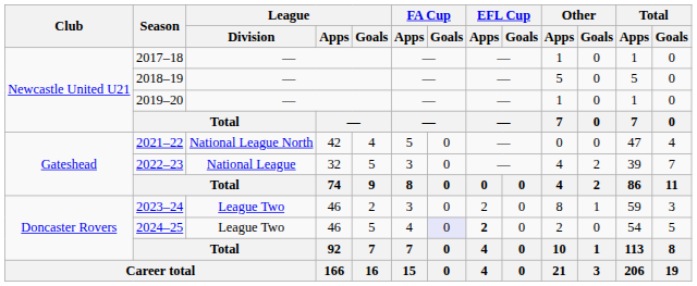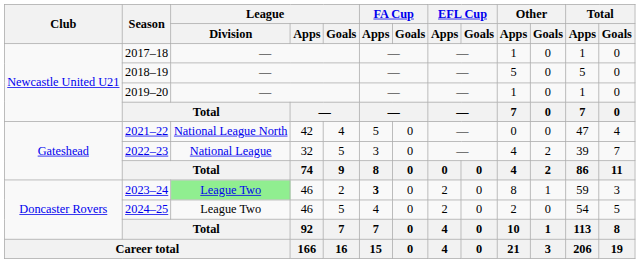 <table class="wikitable" style="text-align: center;">
 <tr>
 <th rowspan="2">Club</th>
 <th rowspan="2">Season</th>
 <th colspan="3">League</th>
 <th colspan="2"><a href='#'>FA Cup</a></th>
 <th colspan="2"><a href='#'>EFL Cup</a></th>
 <th colspan="2">Other</th>
 <th colspan="2">Total</th>
 </tr>
 <tr>
 <th>Division</th>
 <th>Apps</th>
 <th>Goals</th>
 <th>Apps</th>
 <th>Goals</th>
 <th>Apps</th>
 <th>Goals</th>
 <th>Apps</th>
 <th>Goals</th>
 <th>Apps</th>
 <th>Goals</th>
 </tr>
 <tr>
 <td rowspan="4"><a href='#'>Newcastle United U21</a></td>
 <td>2017–18</td>
 <td colspan="3">—</td>
 <td colspan="2">—</td>
 <td colspan="2">—</td>
 <td>1</td>
 <td>0</td>
 <td>1</td>
 <td>0</td>
 </tr>
 <tr>
 <td>2018–19</td>
 <td colspan="3">—</td>
 <td colspan="2">—</td>
 <td colspan="2">—</td>
 <td>5</td>
 <td>0</td>
 <td>5</td>
 <td>0</td>
 </tr>
 <tr>
 <td>2019–20</td>
 <td colspan="3">—</td>
 <td colspan="2">—</td>
 <td colspan="2">—</td>
 <td>1</td>
 <td>0</td>
 <td>1</td>
 <td>0</td>
 </tr>
 <tr>
 <th colspan="2">Total</th>
 <th colspan="2">—</th>
 <th colspan="2">—</th>
 <th colspan="2">—</th>
 <th>7</th>
 <th>0</th>
 <th>7</th>
 <th>0</th>
 </tr>
 <tr>
 <td rowspan="3"><a href='#'>Gateshead</a></td>
 <td><a href='#'>2021–22</a></td>
 <td><a href='#'>National League North</a></td>
 <td>42</td>
 <td>4</td>
 <td>5</td>
 <td>0</td>
 <td colspan="2">—</td>
 <td>0</td>
 <td>0</td>
 <td>47</td>
 <td>4</td>
 </tr>
 <tr>
 <td><a href='#'>2022–23</a></td>
 <td><a href='#'>National League</a></td>
 <td>32</td>
 <td>5</td>
 <td>3</td>
 <td>0</td>
 <td colspan="2">—</td>
 <td>4</td>
 <td>2</td>
 <td>39</td>
 <td>7</td>
 </tr>
 <tr>
 <th colspan="2">Total</th>
 <th>74</th>
 <th>9</th>
 <th>8</th>
 <th>0</th>
 <th>0</th>
 <th>0</th>
 <th>4</th>
 <th>2</th>
 <th>86</th>
 <th>11</th>
 </tr>
 <tr>
 <td rowspan="3"><a href='#'>Doncaster Rovers</a></td>
 <td><a href='#'>2023–24</a></td>
-<td><a href='#'>League Two</a></td>
+<td style="background: lightgreen;"><a href='#'>League Two</a></td>
 <td>46</td>
 <td>2</td>
-<td>3</td>
+<td><strong>3</strong></td>
 <td>0</td>
 <td>2</td>
 <td>0</td>
 <td>8</td>
 <td>1</td>
 <td>59</td>
 <td>3</td>
 </tr>
 <tr>
 <td><a href='#'>2024–25</a></td>
 <td>League Two</td>
 <td>46</td>
 <td>5</td>
 <td>4</td>
-<td style="background: lavender;">0</td>
-<td><strong>2</strong></td>
+<td>0</td>
+<td>2</td>
 <td>0</td>
 <td>2</td>
 <td>0</td>
 <td>54</td>
 <td>5</td>
 </tr>
 <tr>
 <th colspan="2">Total</th>
 <th>92</th>
 <th>7</th>
 <th>7</th>
 <th>0</th>
 <th>4</th>
 <th>0</th>
 <th>10</th>
 <th>1</th>
 <th>113</th>
 <th>8</th>
 </tr>
 <tr>
 <th colspan="3">Career total</th>
 <th>166</th>
 <th>16</th>
 <th>15</th>
 <th>0</th>
 <th>4</th>
 <th>0</th>
 <th>21</th>
 <th>3</th>
 <th>206</th>
 <th>19</th>
 </tr>
 </table>
